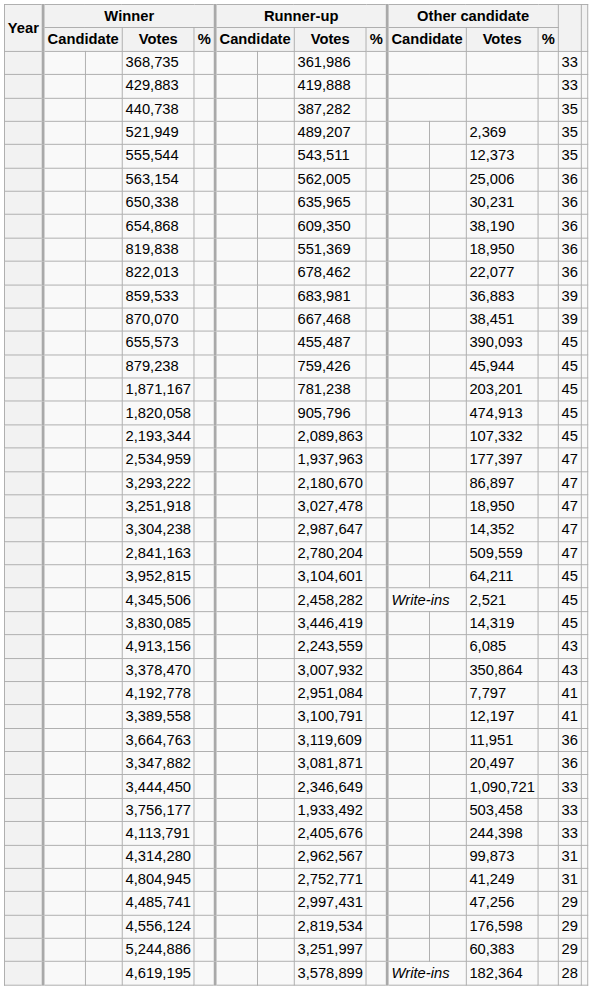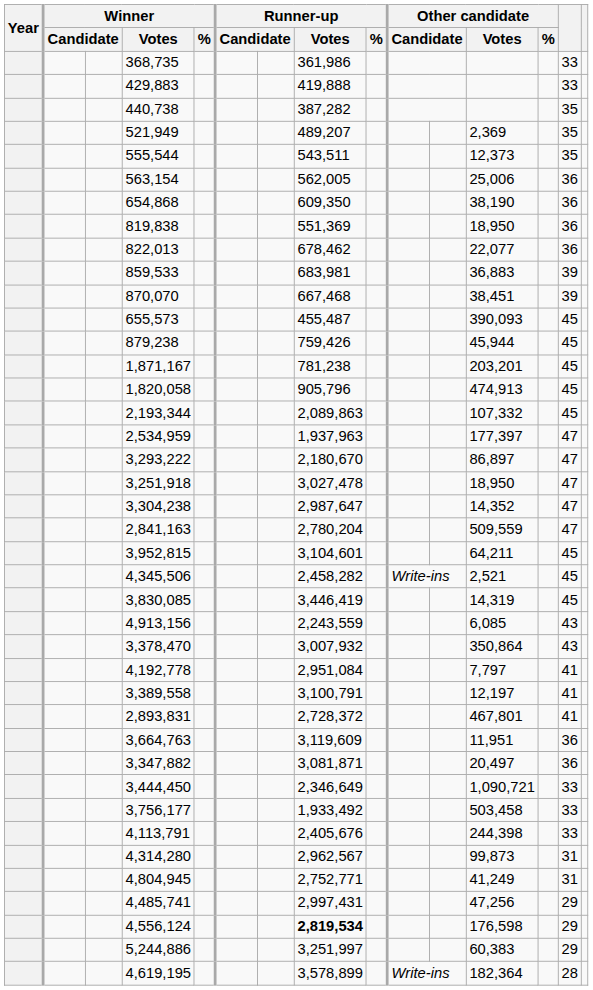 <table class="wikitable sortable">
 <tr>
 <th scope=col rowspan="2">Year</th>
 <th scope="colgroup" style="border-left:3px solid darkgray;" colspan="4">Winner</th>
 <th scope="colgroup" style="border-left:3px solid darkgray;" colspan="4">Runner-up</th>
 <th scope="colgroup" style="border-left:3px solid darkgray;" colspan="4">Other candidate</th>
 <th scope="col" rowspan="2"></th>
 <th scope="col" class="unsortable" rowspan="2"></th>
 </tr>
 <tr>
 <th scope="colgroup" style="border-left:3px solid darkgray;" colspan="2">Candidate</th>
 <th scope="col" data-sort-type="number">Votes</th>
 <th scope="col"  data-sort-type="number">%</th>
 <th scope="colgroup" style="border-left:3px solid darkgray;" colspan="2">Candidate</th>
 <th scope="col"  data-sort-type="number">Votes</th>
 <th scope="col"  data-sort-type="number">%</th>
 <th scope="colgroup"  scope="col" style="border-left:3px solid darkgray;" colspan="2">Candidate</th>
 <th scope="col"  data-sort-type="number">Votes</th>
 <th scope="col"  data-sort-type="number">%</th>
 </tr>
 <tr>
 <th scope="row"> </th>
 <td style="text-align:left; border-left:3px solid darkgray; background-color:"></td>
 <td><strong></strong> </td>
 <td>368,735</td>
 <td></td>
 <td style="text-align:left; border-left:3px solid darkgray; background-color:"></td>
 <td> </td>
 <td>361,986</td>
 <td></td>
 <td style="border-left:3px solid darkgray;"colspan="2"></td>
 <td></td>
 <td></td>
 <td>33</td>
 <td></td>
 </tr>
 <tr>
 <th scope="row"> </th>
 <td style="text-align:left; border-left:3px solid darkgray; background-color:"></td>
 <td> </td>
 <td>429,883</td>
 <td></td>
 <td style="text-align:left; border-left:3px solid darkgray; background-color:"></td>
 <td><strong></strong> </td>
 <td>419,888</td>
 <td></td>
 <td style="border-left:3px solid darkgray;"colspan="2"></td>
 <td></td>
 <td></td>
 <td>33</td>
 <td></td>
 </tr>
 <tr>
 <th scope="row"> </th>
 <td style="text-align:left; border-left:3px solid darkgray; background-color:"></td>
 <td><strong></strong> </td>
 <td>440,738</td>
 <td></td>
 <td style="text-align:left; border-left:3px solid darkgray; background-color:"></td>
 <td> </td>
 <td>387,282</td>
 <td></td>
 <td style="border-left:3px solid darkgray;"colspan="2"></td>
 <td></td>
 <td></td>
 <td>35</td>
 <td></td>
 </tr>
 <tr>
 <th scope="row"> </th>
 <td style="text-align:left; border-left:3px solid darkgray; background-color:"></td>
 <td><strong></strong> </td>
 <td>521,949</td>
 <td></td>
 <td style="text-align:left; border-left:3px solid darkgray; background-color:"></td>
 <td> </td>
 <td>489,207</td>
 <td></td>
 <td style="text-align:left; border-left:3px solid darkgray; background-color:"></td>
 <td> </td>
 <td>2,369</td>
 <td></td>
 <td>35</td>
 <td></td>
 </tr>
 <tr>
 <th scope="row"> </th>
 <td style="text-align:left; border-left:3px solid darkgray; background-color:"></td>
 <td><strong></strong> </td>
 <td>555,544</td>
 <td></td>
 <td style="text-align:left; border-left:3px solid darkgray; background-color:"></td>
 <td> </td>
 <td>543,511</td>
 <td></td>
 <td style="text-align:left; border-left:3px solid darkgray; background-color:"></td>
 <td> </td>
 <td>12,373</td>
 <td></td>
 <td>35</td>
 <td></td>
 </tr>
 <tr>
 <th scope="row"> </th>
 <td style="text-align:left; border-left:3px solid darkgray; background-color:"></td>
 <td><strong></strong> </td>
 <td>563,154</td>
 <td></td>
 <td style="text-align:left; border-left:3px solid darkgray; background-color:"></td>
 <td> </td>
 <td>562,005</td>
 <td></td>
 <td style="text-align:left; border-left:3px solid darkgray; background-color:"></td>
 <td> </td>
 <td>25,006</td>
-<td></td>
-<td>36</td>
-<td></td>
-</tr>
-<tr>
-<th scope="row"> </th>
-<td style="text-align:left; border-left:3px solid darkgray; background-color:"></td>
-<td><strong></strong> </td>
-<td>650,338</td>
-<td></td>
-<td style="text-align:left; border-left:3px solid darkgray; background-color:"></td>
-<td> </td>
-<td>635,965</td>
-<td></td>
-<td style="text-align:left; border-left:3px solid darkgray; background-color:"></td>
-<td> </td>
-<td>30,231</td>
 <td></td>
 <td>36</td>
 <td></td>
 </tr>
 <tr>
 <th scope="row"> </th>
 <td style="text-align:left; border-left:3px solid darkgray; background-color:"></td>
 <td><strong></strong> </td>
 <td>654,868</td>
 <td></td>
 <td style="text-align:left; border-left:3px solid darkgray; background-color:"></td>
 <td> </td>
 <td>609,350</td>
 <td></td>
 <td style="text-align:left; border-left:3px solid darkgray; background-color:"></td>
 <td> </td>
 <td>38,190</td>
 <td></td>
 <td>36</td>
 <td></td>
 </tr>
 <tr>
 <th scope="row"> </th>
 <td style="text-align:left; border-left:3px solid darkgray; background-color:"></td>
 <td><strong></strong> </td>
 <td>819,838</td>
 <td></td>
 <td style="text-align:left; border-left:3px solid darkgray; background-color:"></td>
 <td> </td>
 <td>551,369</td>
 <td></td>
 <td style="text-align:left; border-left:3px solid darkgray; background-color:"></td>
 <td> </td>
 <td>18,950</td>
 <td></td>
 <td>36</td>
 <td></td>
 </tr>
 <tr>
 <th scope="row"> </th>
 <td style="text-align:left; border-left:3px solid darkgray; background-color:"></td>
 <td><strong></strong> </td>
 <td>822,013</td>
 <td></td>
 <td style="text-align:left; border-left:3px solid darkgray; background-color:"></td>
 <td> </td>
 <td>678,462</td>
 <td></td>
 <td style="text-align:left; border-left:3px solid darkgray; background-color:"></td>
 <td> </td>
 <td>22,077</td>
 <td></td>
 <td>36</td>
 <td></td>
 </tr>
 <tr>
 <th scope="row"> </th>
 <td style="text-align:left; border-left:3px solid darkgray; background-color:"></td>
 <td><strong></strong> </td>
 <td>859,533</td>
 <td></td>
 <td style="text-align:left; border-left:3px solid darkgray; background-color:"></td>
 <td> </td>
 <td>683,981</td>
 <td></td>
 <td style="text-align:left; border-left:3px solid darkgray; background-color:"></td>
 <td> </td>
 <td>36,883</td>
 <td></td>
 <td>39</td>
 <td></td>
 </tr>
 <tr>
 <th scope="row"> </th>
 <td style="text-align:left; border-left:3px solid darkgray; background-color:"></td>
 <td><strong></strong> </td>
 <td>870,070</td>
 <td></td>
 <td style="text-align:left; border-left:3px solid darkgray; background-color:"></td>
 <td> </td>
 <td>667,468</td>
 <td></td>
 <td style="text-align:left; border-left:3px solid darkgray; background-color:"></td>
 <td> </td>
 <td>38,451</td>
 <td></td>
 <td>39</td>
 <td></td>
 </tr>
 <tr>
 <th scope="row"> </th>
 <td style="text-align:left; border-left:3px solid darkgray; background-color:"></td>
 <td><strong></strong> </td>
 <td>655,573</td>
 <td></td>
 <td style="text-align:left; border-left:3px solid darkgray; background-color:"></td>
 <td> </td>
 <td>455,487</td>
 <td></td>
 <td style="text-align:left; border-left:3px solid darkgray; background-color:"></td>
 <td> </td>
 <td>390,093</td>
 <td></td>
 <td>45</td>
 <td></td>
 </tr>
 <tr>
 <th scope="row"> </th>
 <td style="text-align:left; border-left:3px solid darkgray; background-color:"></td>
 <td><strong></strong> </td>
 <td>879,238</td>
 <td></td>
 <td style="text-align:left; border-left:3px solid darkgray; background-color:"></td>
 <td> </td>
 <td>759,426</td>
 <td></td>
 <td style="text-align:left; border-left:3px solid darkgray; background-color:"></td>
 <td> </td>
 <td>45,944</td>
 <td></td>
 <td>45</td>
 <td></td>
 </tr>
 <tr>
 <th scope="row"> </th>
 <td style="text-align:left; border-left:3px solid darkgray; background-color:"></td>
 <td><strong></strong> </td>
 <td>1,871,167</td>
 <td></td>
 <td style="text-align:left; border-left:3px solid darkgray; background-color:"></td>
 <td> </td>
 <td>781,238</td>
 <td></td>
 <td style="text-align:left; border-left:3px solid darkgray; background-color:"></td>
 <td> </td>
 <td>203,201</td>
 <td></td>
 <td>45</td>
 <td></td>
 </tr>
 <tr>
 <th scope="row"> </th>
 <td style="text-align:left; border-left:3px solid darkgray; background-color:"></td>
 <td><strong></strong> </td>
 <td>1,820,058</td>
 <td></td>
 <td style="text-align:left; border-left:3px solid darkgray; background-color:"></td>
 <td> </td>
 <td>905,796</td>
 <td></td>
 <td style="text-align:left; border-left:3px solid darkgray; background-color:"></td>
 <td> </td>
 <td>474,913</td>
 <td></td>
 <td>45</td>
 <td></td>
 </tr>
 <tr>
 <th scope="row"> </th>
 <td style="text-align:left; border-left:3px solid darkgray; background-color:"></td>
 <td><strong></strong> </td>
 <td>2,193,344</td>
 <td></td>
 <td style="text-align:left; border-left:3px solid darkgray; background-color:"></td>
 <td> </td>
 <td>2,089,863</td>
 <td></td>
 <td style="text-align:left; border-left:3px solid darkgray; background-color:"></td>
 <td> </td>
 <td>107,332</td>
 <td></td>
 <td>45</td>
 <td></td>
 </tr>
 <tr>
 <th scope="row"> </th>
 <td style="text-align:left; border-left:3px solid darkgray; background-color:"></td>
 <td><strong></strong> </td>
 <td>2,534,959</td>
 <td></td>
 <td style="text-align:left; border-left:3px solid darkgray; background-color:"></td>
 <td> </td>
 <td>1,937,963</td>
 <td></td>
 <td style="text-align:left; border-left:3px solid darkgray; background-color:"></td>
 <td> </td>
 <td>177,397</td>
 <td></td>
 <td>47</td>
 <td></td>
 </tr>
 <tr>
 <th scope="row"> </th>
 <td style="text-align:left; border-left:3px solid darkgray; background-color:"></td>
 <td><strong></strong> </td>
 <td>3,293,222</td>
 <td></td>
 <td style="text-align:left; border-left:3px solid darkgray; background-color:"></td>
 <td> </td>
 <td>2,180,670</td>
 <td></td>
 <td style="text-align:left; border-left:3px solid darkgray; background-color:"></td>
 <td> </td>
 <td>86,897</td>
 <td></td>
 <td>47</td>
 <td></td>
 </tr>
 <tr>
 <th scope="row"> </th>
 <td style="text-align:left; border-left:3px solid darkgray; background-color:"></td>
 <td><strong></strong> </td>
 <td>3,251,918</td>
 <td></td>
 <td style="text-align:left; border-left:3px solid darkgray; background-color:"></td>
 <td> </td>
 <td>3,027,478</td>
 <td></td>
 <td style="text-align:left; border-left:3px solid darkgray; background-color:"></td>
 <td> </td>
 <td>18,950</td>
 <td></td>
 <td>47</td>
 <td></td>
 </tr>
 <tr>
 <th scope="row"> </th>
 <td style="text-align:left; border-left:3px solid darkgray; background-color:"></td>
 <td><strong></strong> </td>
 <td>3,304,238</td>
 <td></td>
 <td style="text-align:left; border-left:3px solid darkgray; background-color:"></td>
 <td> </td>
 <td>2,987,647</td>
 <td></td>
 <td style="text-align:left; border-left:3px solid darkgray; background-color:"></td>
 <td> </td>
 <td>14,352</td>
 <td></td>
 <td>47</td>
 <td></td>
 </tr>
 <tr>
 <th scope="row"> </th>
 <td style="text-align:left; border-left:3px solid darkgray; background-color:"></td>
 <td><strong></strong> </td>
 <td>2,841,163</td>
 <td></td>
 <td style="text-align:left; border-left:3px solid darkgray; background-color:"></td>
 <td> </td>
 <td>2,780,204</td>
 <td></td>
 <td style="text-align:left; border-left:3px solid darkgray; background-color:"></td>
 <td> </td>
 <td>509,559</td>
 <td></td>
 <td>47</td>
 <td></td>
 </tr>
 <tr>
 <th scope="row"> </th>
 <td style="text-align:left; border-left:3px solid darkgray; background-color:"></td>
 <td><strong></strong> </td>
 <td>3,952,815</td>
 <td></td>
 <td style="text-align:left; border-left:3px solid darkgray; background-color:"></td>
 <td> </td>
 <td>3,104,601</td>
 <td></td>
 <td style="text-align:left; border-left:3px solid darkgray; background-color:"></td>
 <td> </td>
 <td>64,211</td>
 <td></td>
 <td>45</td>
 <td></td>
 </tr>
 <tr>
 <th scope="row"> </th>
 <td style="text-align:left; border-left:3px solid darkgray; background-color:"></td>
 <td><strong></strong> </td>
 <td>4,345,506</td>
 <td></td>
 <td style="text-align:left; border-left:3px solid darkgray; background-color:"></td>
 <td> </td>
 <td>2,458,282</td>
 <td></td>
 <td style="border-left:3px solid darkgray;"colspan="2"><em>Write-ins</em></td>
 <td>2,521</td>
 <td></td>
 <td>45</td>
 <td></td>
 </tr>
 <tr>
 <th scope="row"> </th>
 <td style="text-align:left; border-left:3px solid darkgray; background-color:"></td>
 <td><strong></strong> </td>
 <td>3,830,085</td>
 <td></td>
 <td style="text-align:left; border-left:3px solid darkgray; background-color:"></td>
 <td> </td>
 <td>3,446,419</td>
 <td></td>
 <td style="text-align:left; border-left:3px solid darkgray; background-color:"></td>
 <td> </td>
 <td>14,319</td>
 <td></td>
 <td>45</td>
 <td></td>
 </tr>
 <tr>
 <th scope="row"> </th>
 <td style="text-align:left; border-left:3px solid darkgray; background-color:"></td>
 <td><strong></strong> </td>
 <td>4,913,156</td>
 <td></td>
 <td style="text-align:left; border-left:3px solid darkgray; background-color:"></td>
 <td> </td>
 <td>2,243,559</td>
 <td></td>
 <td style="text-align:left; border-left:3px solid darkgray; background-color:"></td>
 <td> </td>
 <td>6,085</td>
 <td></td>
 <td>43</td>
 <td></td>
 </tr>
 <tr>
 <th scope="row"> </th>
 <td style="text-align:left; border-left:3px solid darkgray; background-color:"></td>
 <td><strong></strong> </td>
 <td>3,378,470</td>
 <td></td>
 <td style="text-align:left; border-left:3px solid darkgray; background-color:"></td>
 <td> </td>
 <td>3,007,932</td>
 <td></td>
 <td style="text-align:left; border-left:3px solid darkgray; background-color:"></td>
 <td> </td>
 <td>350,864</td>
 <td></td>
 <td>43</td>
 <td></td>
 </tr>
 <tr>
 <th scope="row"> </th>
 <td style="text-align:left; border-left:3px solid darkgray; background-color:"></td>
 <td><strong></strong> </td>
 <td>4,192,778</td>
 <td></td>
 <td style="text-align:left; border-left:3px solid darkgray; background-color:"></td>
 <td> </td>
 <td>2,951,084</td>
 <td></td>
 <td style="text-align:left; border-left:3px solid darkgray; background-color:"></td>
 <td> </td>
 <td>7,797</td>
 <td></td>
 <td>41</td>
 <td></td>
 </tr>
 <tr>
 <th scope="row"> </th>
 <td style="text-align:left; border-left:3px solid darkgray; background-color:"></td>
 <td><strong></strong> </td>
 <td>3,389,558</td>
 <td></td>
 <td style="text-align:left; border-left:3px solid darkgray; background-color:"></td>
 <td> </td>
 <td>3,100,791</td>
 <td></td>
 <td style="text-align:left; border-left:3px solid darkgray; background-color:"></td>
 <td> </td>
 <td>12,197</td>
 <td></td>
 <td>41</td>
 <td></td>
 </tr>
 <tr>
 <th scope="row"> </th>
 <td style="text-align:left; border-left:3px solid darkgray; background-color:"></td>
 <td><strong></strong> </td>
+<td>2,893,831</td>
+<td></td>
+<td style="text-align:left; border-left:3px solid darkgray; background-color:"></td>
+<td> </td>
+<td>2,728,372</td>
+<td></td>
+<td style="text-align:left; border-left:3px solid darkgray; background-color:"></td>
+<td> </td>
+<td>467,801</td>
+<td></td>
+<td>41</td>
+<td></td>
+</tr>
+<tr>
+<th scope="row"> </th>
+<td style="text-align:left; border-left:3px solid darkgray; background-color:"></td>
+<td><strong></strong> </td>
 <td>3,664,763</td>
 <td></td>
 <td style="text-align:left; border-left:3px solid darkgray; background-color:"></td>
 <td> </td>
 <td>3,119,609</td>
 <td></td>
 <td style="text-align:left; border-left:3px solid darkgray; background-color:"></td>
 <td> </td>
 <td>11,951</td>
 <td></td>
 <td>36</td>
 <td></td>
 </tr>
 <tr>
 <th scope="row"> </th>
 <td style="text-align:left; border-left:3px solid darkgray; background-color:"></td>
 <td><strong></strong> </td>
 <td>3,347,882</td>
 <td></td>
 <td style="text-align:left; border-left:3px solid darkgray; background-color:"></td>
 <td> </td>
 <td>3,081,871</td>
 <td></td>
 <td style="text-align:left; border-left:3px solid darkgray; background-color:"></td>
 <td> </td>
 <td>20,497</td>
 <td></td>
 <td>36</td>
 <td></td>
 </tr>
 <tr>
 <th scope="row"> </th>
 <td style="text-align:left; border-left:3px solid darkgray; background-color:"></td>
 <td><strong></strong> </td>
 <td>3,444,450</td>
 <td></td>
 <td style="text-align:left; border-left:3px solid darkgray; background-color:"></td>
 <td> </td>
 <td>2,346,649</td>
 <td></td>
 <td style="text-align:left; border-left:3px solid darkgray; background-color:"></td>
 <td> </td>
 <td>1,090,721</td>
 <td></td>
 <td>33</td>
 <td></td>
 </tr>
 <tr>
 <th scope="row"> </th>
 <td style="text-align:left; border-left:3px solid darkgray; background-color:"></td>
 <td><strong></strong> </td>
 <td>3,756,177</td>
 <td></td>
 <td style="text-align:left; border-left:3px solid darkgray; background-color:"></td>
 <td> </td>
 <td>1,933,492</td>
 <td></td>
 <td style="text-align:left; border-left:3px solid darkgray; background-color:"></td>
 <td> </td>
 <td>503,458</td>
 <td></td>
 <td>33</td>
 <td></td>
 </tr>
 <tr>
 <th scope="row"> </th>
 <td style="text-align:left; border-left:3px solid darkgray; background-color:"></td>
 <td><strong></strong> </td>
 <td>4,113,791</td>
 <td></td>
 <td style="text-align:left; border-left:3px solid darkgray; background-color:"></td>
 <td> </td>
 <td>2,405,676</td>
 <td></td>
 <td style="text-align:left; border-left:3px solid darkgray; background-color:"></td>
 <td> </td>
 <td>244,398</td>
 <td></td>
 <td>33</td>
 <td></td>
 </tr>
 <tr>
 <th scope="row"> </th>
 <td style="text-align:left; border-left:3px solid darkgray; background-color:"></td>
 <td><strong></strong> </td>
 <td>4,314,280</td>
 <td></td>
 <td style="text-align:left; border-left:3px solid darkgray; background-color:"></td>
 <td> </td>
 <td>2,962,567</td>
 <td></td>
 <td style="text-align:left; border-left:3px solid darkgray; background-color:"></td>
 <td> </td>
 <td>99,873</td>
 <td></td>
 <td>31</td>
 <td></td>
 </tr>
 <tr>
 <th scope="row"> </th>
 <td style="text-align:left; border-left:3px solid darkgray; background-color:"></td>
 <td><strong></strong> </td>
 <td>4,804,945</td>
 <td></td>
 <td style="text-align:left; border-left:3px solid darkgray; background-color:"></td>
 <td> </td>
 <td>2,752,771</td>
 <td></td>
 <td style="text-align:left; border-left:3px solid darkgray; background-color:"></td>
 <td> </td>
 <td>41,249</td>
 <td></td>
 <td>31</td>
 <td></td>
 </tr>
 <tr>
 <th scope="row"> </th>
 <td style="text-align:left; border-left:3px solid darkgray; background-color:"></td>
 <td><strong></strong> </td>
 <td>4,485,741</td>
 <td></td>
 <td style="text-align:left; border-left:3px solid darkgray; background-color:"></td>
 <td> </td>
 <td>2,997,431</td>
 <td></td>
 <td style="text-align:left; border-left:3px solid darkgray; background-color:"></td>
 <td> </td>
 <td>47,256</td>
 <td></td>
 <td>29</td>
 <td></td>
 </tr>
 <tr>
 <th scope="row"> </th>
 <td style="text-align:left; border-left:3px solid darkgray; background-color:"></td>
 <td><strong></strong> </td>
 <td>4,556,124</td>
 <td></td>
 <td style="text-align:left; border-left:3px solid darkgray; background-color:"></td>
 <td> </td>
-<td>2,819,534</td>
+<td><strong>2,819,534</strong></td>
 <td></td>
 <td style="text-align:left; border-left:3px solid darkgray; background-color:"></td>
 <td> </td>
 <td>176,598</td>
 <td></td>
 <td>29</td>
 <td></td>
 </tr>
 <tr>
 <th scope="row"> </th>
 <td style="text-align:left; border-left:3px solid darkgray; background-color:"></td>
 <td><strong></strong> </td>
 <td>5,244,886</td>
 <td></td>
 <td style="text-align:left; border-left:3px solid darkgray; background-color:"></td>
 <td> </td>
 <td>3,251,997</td>
 <td></td>
 <td style="text-align:left; border-left:3px solid darkgray; background-color:"></td>
 <td> </td>
 <td>60,383</td>
 <td></td>
 <td>29</td>
 <td></td>
 </tr>
 <tr>
 <th scope="row"> </th>
 <td style="text-align:left; border-left:3px solid darkgray; background-color:"></td>
 <td><strong></strong> </td>
 <td>4,619,195</td>
 <td></td>
 <td style="text-align:left; border-left:3px solid darkgray; background-color:"></td>
 <td> </td>
 <td>3,578,899</td>
 <td></td>
 <td style="border-left:3px solid darkgray;"colspan="2"><em>Write-ins</em></td>
 <td>182,364</td>
 <td></td>
 <td>28</td>
 <td></td>
 </tr>
 </table>
